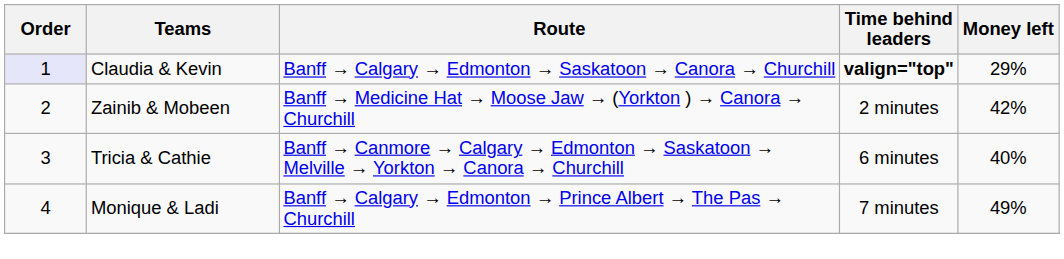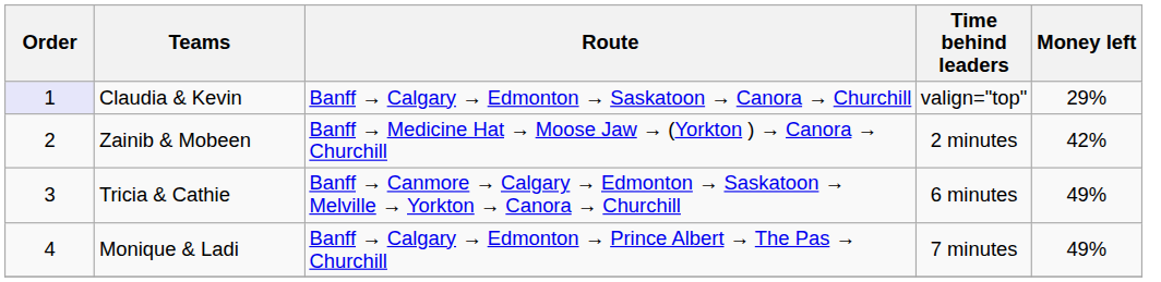 <table class="wikitable sortable" style="text-align:center">
 <tr>
 <th style="width:4em">Order</th>
 <th style="width:10em">Teams</th>
 <th style="width:30em">Route</th>
 <th style="width:5em">Time behind leaders</th>
 <th style="width:5em">Money left</th>
 </tr>
 <tr>
 <td style="background: lavender;">1</td>
 <td style="text-align:left">Claudia & Kevin</td>
 <td style="text-align:left"><a href='#'>Banff</a>  → <a href='#'>Calgary</a>  → <a href='#'>Edmonton</a>   → <a href='#'>Saskatoon</a>  → <a href='#'>Canora</a>   → <a href='#'>Churchill</a></td>
-<td><strong>valign="top" </strong></td>
+<td>valign="top" </td>
 <td>29%</td>
 </tr>
 <tr>
 <td>2</td>
 <td style="text-align:left">Zainib & Mobeen</td>
 <td style="text-align:left"><a href='#'>Banff</a>  → <a href='#'>Medicine Hat</a>  → <a href='#'>Moose Jaw</a>   → (<a href='#'>Yorkton</a> ) → <a href='#'>Canora</a>  → <a href='#'>Churchill</a></td>
 <td>2 minutes</td>
 <td>42%</td>
 </tr>
 <tr>
 <td>3</td>
 <td style="text-align:left">Tricia & Cathie</td>
 <td style="text-align:left"><a href='#'>Banff</a>  → <a href='#'>Canmore</a> → <a href='#'>Calgary</a>  → <a href='#'>Edmonton</a>  → <a href='#'>Saskatoon</a>   → <a href='#'>Melville</a> → <a href='#'>Yorkton</a>  → <a href='#'>Canora</a>  → <a href='#'>Churchill</a></td>
 <td>6 minutes</td>
-<td>40%</td>
+<td>49%</td>
 </tr>
 <tr>
 <td>4</td>
 <td style="text-align:left">Monique & Ladi</td>
 <td style="text-align:left"><a href='#'>Banff</a> → <a href='#'>Calgary</a>  → <a href='#'>Edmonton</a>  → <a href='#'>Prince Albert</a>   → <a href='#'>The Pas</a>  → <a href='#'>Churchill</a></td>
 <td>7 minutes</td>
 <td>49%</td>
 </tr>
 <tr>
 </tr>
 </table>
